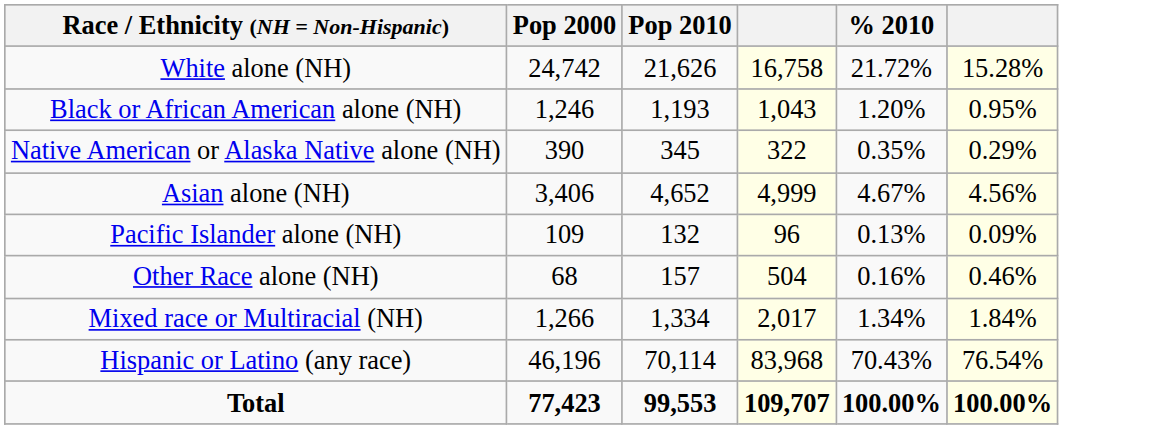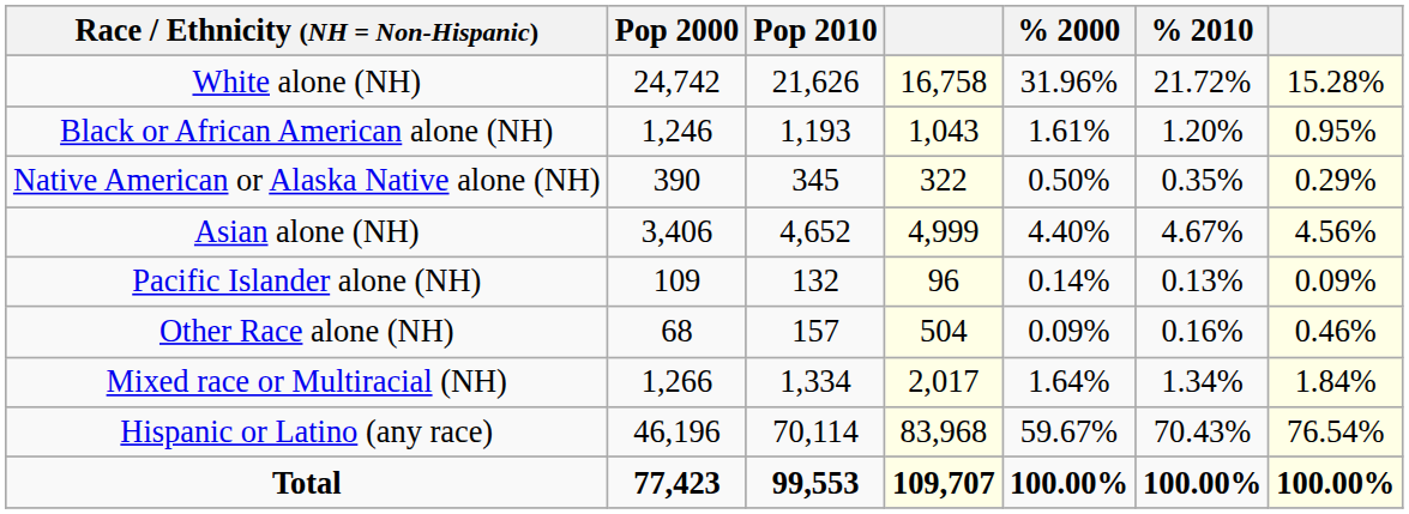 <table class="wikitable" style="text-align:center;">
 <tr>
 <th>Race / Ethnicity <small>(<em>NH = Non-Hispanic</em>)</small></th>
 <th>Pop 2000</th>
 <th>Pop 2010</th>
 <th></th>
+<th>% 2000</th>
 <th>% 2010</th>
 <th></th>
 </tr>
 <tr>
 <td><a href='#'>White</a> alone (NH)</td>
 <td>24,742</td>
 <td>21,626</td>
 <td style='background: #ffffe6;'>16,758</td>
+<td>31.96%</td>
 <td>21.72%</td>
 <td style='background: #ffffe6;'>15.28%</td>
 </tr>
 <tr>
 <td><a href='#'>Black or African American</a> alone (NH)</td>
 <td>1,246</td>
 <td>1,193</td>
 <td style='background: #ffffe6;'>1,043</td>
+<td>1.61%</td>
 <td>1.20%</td>
 <td style='background: #ffffe6;'>0.95%</td>
 </tr>
 <tr>
 <td><a href='#'>Native American</a> or <a href='#'>Alaska Native</a> alone (NH)</td>
 <td>390</td>
 <td>345</td>
 <td style='background: #ffffe6;'>322</td>
+<td>0.50%</td>
 <td>0.35%</td>
 <td style='background: #ffffe6;'>0.29%</td>
 </tr>
 <tr>
 <td><a href='#'>Asian</a> alone (NH)</td>
 <td>3,406</td>
 <td>4,652</td>
 <td style='background: #ffffe6;'>4,999</td>
+<td>4.40%</td>
 <td>4.67%</td>
 <td style='background: #ffffe6;'>4.56%</td>
 </tr>
 <tr>
 <td><a href='#'>Pacific Islander</a> alone (NH)</td>
 <td>109</td>
 <td>132</td>
 <td style='background: #ffffe6;'>96</td>
+<td>0.14%</td>
 <td>0.13%</td>
 <td style='background: #ffffe6;'>0.09%</td>
 </tr>
 <tr>
 <td><a href='#'>Other Race</a> alone (NH)</td>
 <td>68</td>
 <td>157</td>
 <td style='background: #ffffe6;'>504</td>
+<td>0.09%</td>
 <td>0.16%</td>
 <td style='background: #ffffe6;'>0.46%</td>
 </tr>
 <tr>
 <td><a href='#'>Mixed race or Multiracial</a> (NH)</td>
 <td>1,266</td>
 <td>1,334</td>
 <td style='background: #ffffe6;'>2,017</td>
+<td>1.64%</td>
 <td>1.34%</td>
 <td style='background: #ffffe6;'>1.84%</td>
 </tr>
 <tr>
 <td><a href='#'>Hispanic or Latino</a> (any race)</td>
 <td>46,196</td>
 <td>70,114</td>
 <td style='background: #ffffe6;'>83,968</td>
+<td>59.67%</td>
 <td>70.43%</td>
 <td style='background: #ffffe6;'>76.54%</td>
 </tr>
 <tr>
 <td><strong>Total</strong></td>
 <td><strong>77,423</strong></td>
 <td><strong>99,553</strong></td>
 <td style='background: #ffffe6;'><strong>109,707</strong></td>
 <td><strong>100.00%</strong></td>
+<td><strong>100.00%</strong></td>
 <td style='background: #ffffe6;'><strong>100.00%</strong></td>
 </tr>
 </table>
